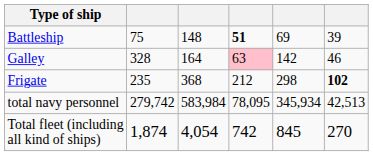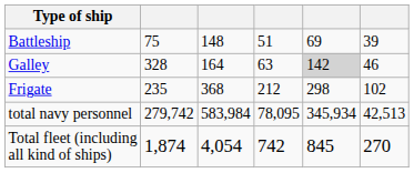 <table class="wikitable sortable">
 <tr>
 <th>Type of ship</th>
 <th></th>
 <th></th>
 <th></th>
 <th></th>
 <th></th>
 </tr>
 <tr>
 <td><a href='#'>Battleship</a></td>
 <td>75</td>
 <td>148</td>
-<td><strong>51</strong></td>
+<td>51</td>
 <td>69</td>
 <td>39</td>
 </tr>
 <tr>
 <td><a href='#'>Galley</a></td>
 <td>328</td>
 <td>164</td>
-<td style="background: pink;">63</td>
-<td>142</td>
+<td>63</td>
+<td style="background: lightgrey;">142</td>
 <td>46</td>
 </tr>
 <tr>
 <td><a href='#'>Frigate</a></td>
 <td>235</td>
 <td>368</td>
 <td>212</td>
 <td>298</td>
-<td><strong>102</strong></td>
+<td>102</td>
 </tr>
 <tr>
 <td>total navy personnel</td>
 <td>279,742</td>
 <td>583,984</td>
 <td>78,095</td>
 <td>345,934</td>
 <td>42,513</td>
 </tr>
 <tr>
 <td>Total fleet (including<br>all kind of ships)</td>
 <td><big>1,874</big></td>
 <td><big>4,054</big></td>
 <td><big>742</big></td>
 <td><big>845</big></td>
 <td><big>270</big></td>
 </tr>
 </table>
